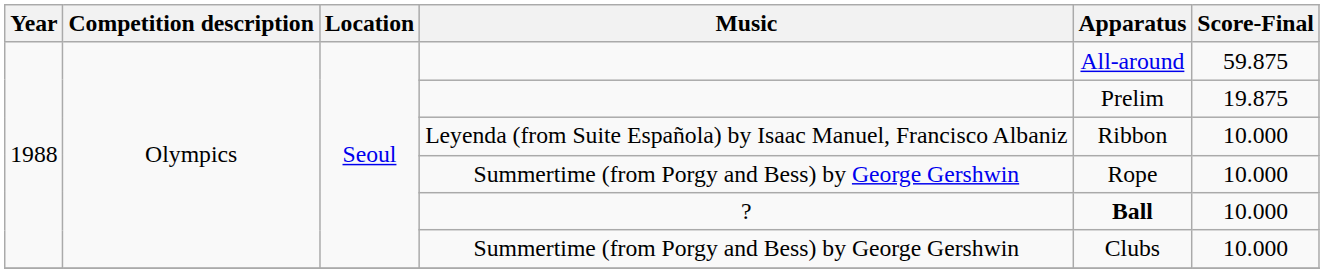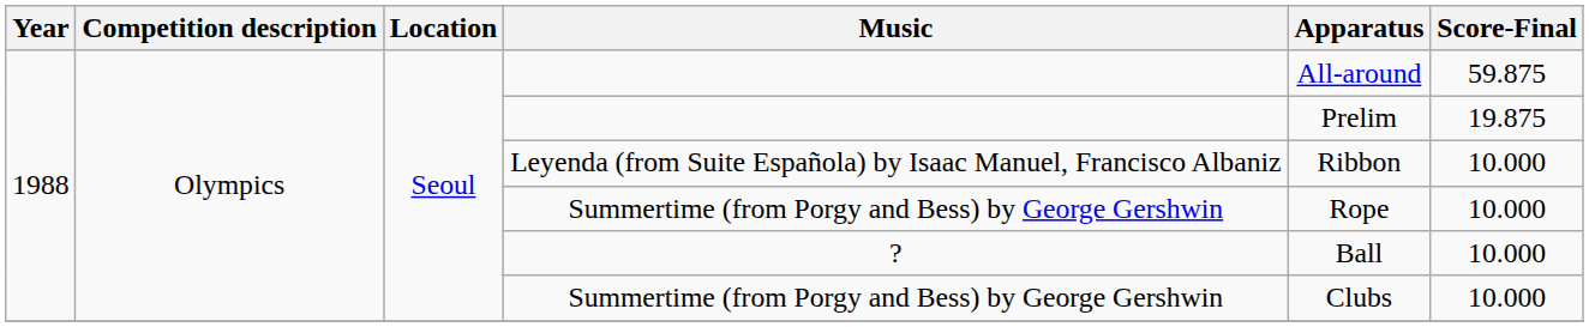 <table class="wikitable" style="text-align:center">
 <tr>
 <th>Year</th>
 <th>Competition description</th>
 <th>Location</th>
 <th>Music</th>
 <th>Apparatus</th>
 <th>Score-Final</th>
 </tr>
 <tr>
 <td rowspan="6">1988</td>
 <td rowspan="6">Olympics</td>
 <td rowspan="6"><a href='#'>Seoul</a></td>
 <td></td>
 <td><a href='#'>All-around</a></td>
 <td>59.875</td>
 </tr>
 <tr>
 <td></td>
 <td>Prelim</td>
 <td>19.875</td>
 </tr>
 <tr>
 <td>Leyenda (from Suite Española) by Isaac Manuel, Francisco Albaniz</td>
 <td>Ribbon</td>
 <td>10.000</td>
 </tr>
 <tr>
 <td>Summertime (from Porgy and Bess) by <a href='#'>George Gershwin</a></td>
 <td>Rope</td>
 <td>10.000</td>
 </tr>
 <tr>
 <td>?</td>
-<td><strong>Ball</strong></td>
+<td>Ball</td>
 <td>10.000</td>
 </tr>
 <tr>
 <td>Summertime (from Porgy and Bess) by George Gershwin</td>
 <td>Clubs</td>
 <td>10.000</td>
 </tr>
 <tr>
 </tr>
 </table>
